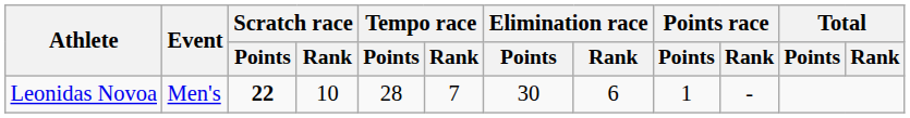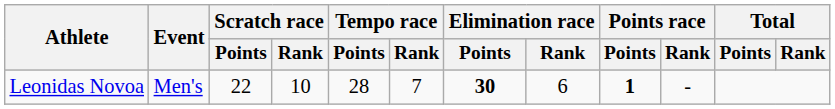 <table class=wikitable style=font-size:90%;text-align:center>
 <tr>
 <th rowspan=2>Athlete</th>
 <th rowspan=2>Event</th>
 <th colspan=2>Scratch race</th>
 <th colspan=2>Tempo race</th>
 <th colspan=2>Elimination race</th>
 <th colspan=2>Points race</th>
 <th colspan=2>Total</th>
 </tr>
 <tr style=font-size:95%>
 <th>Points</th>
 <th>Rank</th>
 <th>Points</th>
 <th>Rank</th>
 <th>Points</th>
 <th>Rank</th>
 <th>Points</th>
 <th>Rank</th>
 <th>Points</th>
 <th>Rank</th>
 </tr>
 <tr align=center>
 <td align=left><a href='#'>Leonidas Novoa</a></td>
 <td align=left><a href='#'>Men's</a></td>
-<td><strong>22</strong></td>
+<td>22</td>
 <td>10</td>
 <td>28</td>
 <td>7</td>
-<td>30</td>
+<td><strong>30</strong></td>
 <td>6</td>
-<td>1</td>
+<td><strong>1</strong></td>
 <td>-</td>
 <td colspan=2></td>
 </tr>
 </table>
